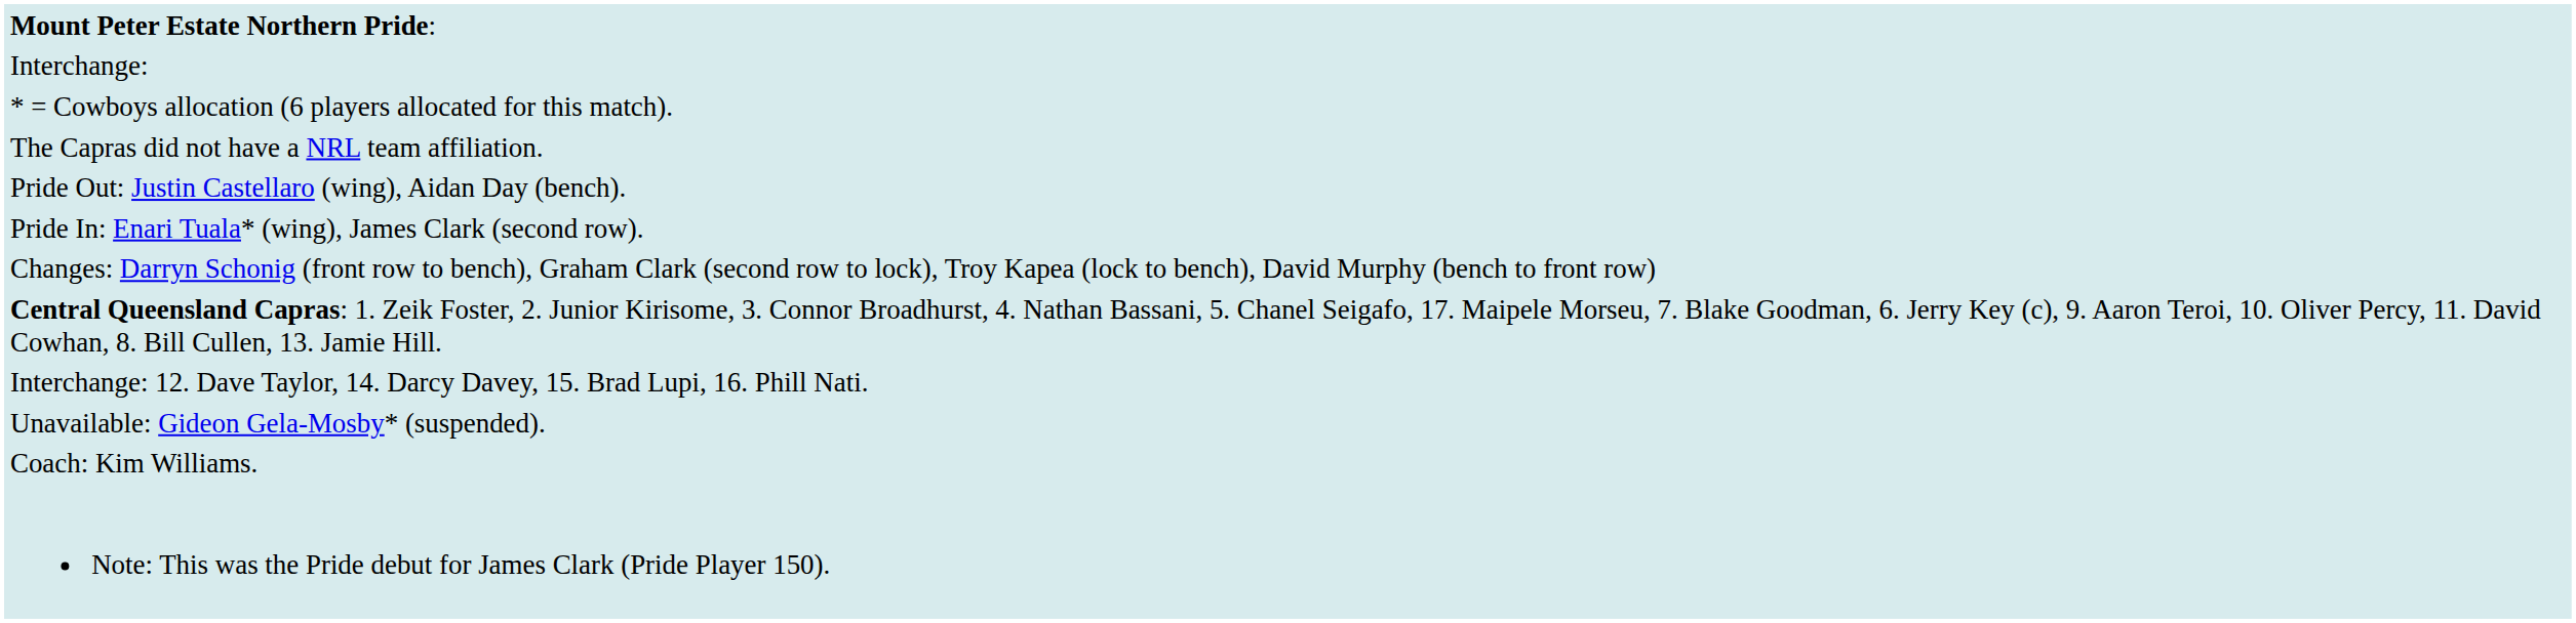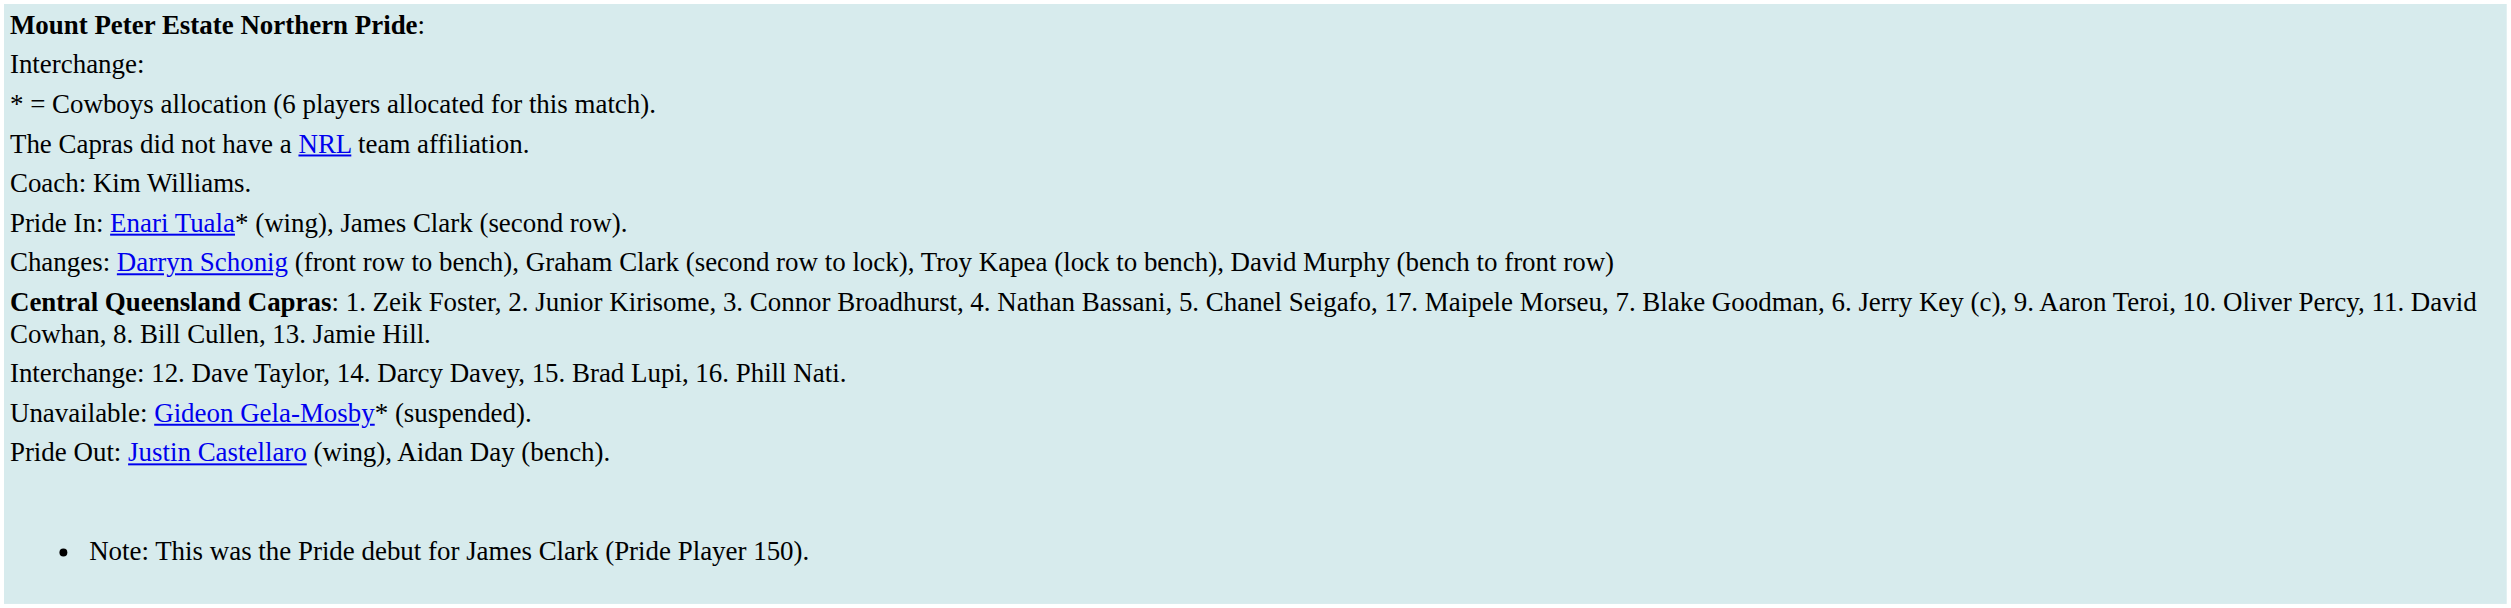 <table style="background:#d7ebed; font-size:85%; width:100%;">
 <tr>
 <td><strong>Mount Peter Estate Northern Pride</strong>:             </td>
 </tr>
 <tr>
 <td>Interchange:    </td>
 </tr>
 <tr>
 <td>* = Cowboys allocation (6 players allocated for this match).</td>
 </tr>
 <tr>
 <td>The Capras did not have a <a href='#'>NRL</a> team affiliation.</td>
 </tr>
 <tr>
-<td>Pride Out: <a href='#'>Justin Castellaro</a> (wing), Aidan Day (bench).</td>
+<td>Coach: Kim Williams.</td>
 </tr>
 <tr>
 <td>Pride In: <a href='#'>Enari Tuala</a>* (wing), James Clark (second row).</td>
 </tr>
 <tr>
 <td>Changes: <a href='#'>Darryn Schonig</a> (front row to bench), Graham Clark (second row to lock), Troy Kapea (lock to bench), David Murphy (bench to front row)</td>
 </tr>
 <tr>
 <td><strong> Central Queensland Capras</strong>: 1. Zeik Foster, 2. Junior Kirisome, 3. Connor Broadhurst, 4. Nathan Bassani, 5. Chanel Seigafo, 17. Maipele Morseu, 7. Blake Goodman, 6. Jerry Key (c), 9. Aaron Teroi, 10. Oliver Percy, 11. David Cowhan, 8. Bill Cullen, 13. Jamie Hill.</td>
 </tr>
 <tr>
 <td>Interchange: 12. Dave Taylor, 14. Darcy Davey, 15. Brad Lupi, 16. Phill Nati.</td>
 </tr>
 <tr>
 <td>Unavailable: <a href='#'>Gideon Gela-Mosby</a>* (suspended).</td>
 </tr>
 <tr>
-<td>Coach: Kim Williams.</td>
+<td>Pride Out: <a href='#'>Justin Castellaro</a> (wing), Aidan Day (bench).</td>
 </tr>
 <tr>
 <td><br><ul><li>Note: This was the Pride debut for James Clark (Pride Player 150).</li></ul></td>
 </tr>
 <tr>
 </tr>
 </table>
